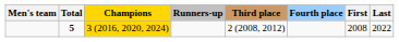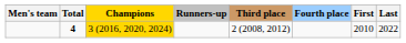 <table class="wikitable" style="text-align: center; font-size: 90%; margin-left: 1em;">
 <tr>
 <th>Men's team</th>
 <th>Total</th>
 <th style="background-color: gold;">Champions</th>
 <th style="background-color: silver;">Runners-up</th>
 <th style="background-color: #cc9966;">Third place</th>
 <th style="background-color: #9acdff;">Fourth place</th>
 <th>First</th>
 <th>Last</th>
 </tr>
 <tr>
 <td style="text-align: left;"></td>
-<td><strong>5</strong></td>
+<td><strong>4</strong></td>
 <td style="background: gold;">3 (2016, 2020, 2024)</td>
 <td></td>
 <td>2 (2008, 2012)</td>
 <td></td>
-<td>2008</td>
+<td>2010</td>
 <td>2022</td>
 </tr>
 </table>
